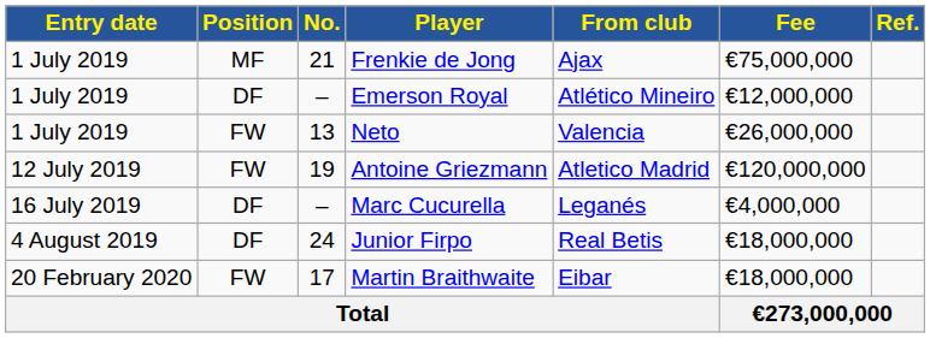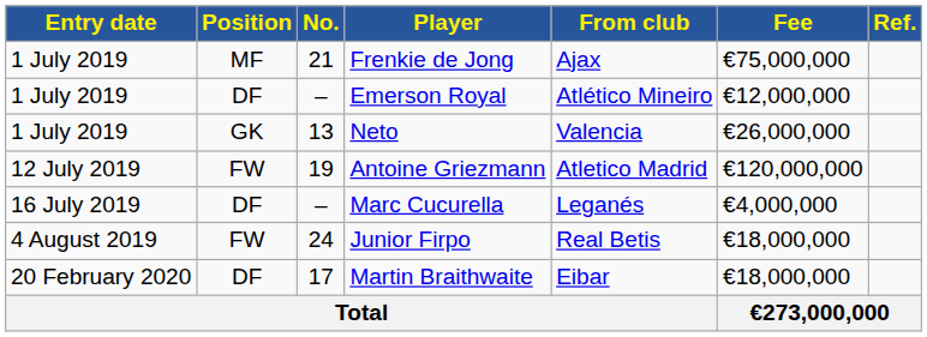 <table class="wikitable sortable">
 <tr>
 <th style="background:#26559B; color:#FFF000; ">Entry date</th>
 <th style="background:#26559B; color:#FFF000; ">Position</th>
 <th style="background:#26559B; color:#FFF000; ">No.</th>
 <th style="background:#26559B; color:#FFF000; ">Player</th>
 <th style="background:#26559B; color:#FFF000; ">From club</th>
 <th style="background:#26559B; color:#FFF000; ">Fee</th>
 <th style="background:#26559B; color:#FFF000; ">Ref.</th>
 </tr>
 <tr>
 <td>1 July 2019</td>
 <td style="text-align:center;">MF</td>
 <td style="text-align:center;">21</td>
 <td style="text-align:left;"> <a href='#'>Frenkie de Jong</a></td>
 <td style="text-align:left;"> <a href='#'>Ajax</a></td>
 <td>€75,000,000</td>
 <td></td>
 </tr>
 <tr>
 <td>1 July 2019</td>
 <td style="text-align:center;">DF</td>
 <td style="text-align:center;">–</td>
 <td style="text-align:left;"> <a href='#'>Emerson Royal</a></td>
 <td style="text-align:left;"> <a href='#'>Atlético Mineiro</a></td>
 <td>€12,000,000</td>
 <td></td>
 </tr>
 <tr>
 <td>1 July 2019</td>
-<td style="text-align:center;">FW</td>
+<td style="text-align:center;">GK</td>
 <td style="text-align:center;">13</td>
 <td style="text-align:left;"> <a href='#'>Neto</a></td>
 <td style="text-align:left;"> <a href='#'>Valencia</a></td>
 <td>€26,000,000</td>
 <td></td>
 </tr>
 <tr>
 <td>12 July 2019</td>
 <td style="text-align:center;">FW</td>
 <td style="text-align:center;">19</td>
 <td style="text-align:left;"> <a href='#'>Antoine Griezmann</a></td>
 <td style="text-align:left;"> <a href='#'>Atletico Madrid</a></td>
 <td>€120,000,000</td>
 <td></td>
 </tr>
 <tr>
 <td>16 July 2019</td>
 <td style="text-align:center;">DF</td>
 <td style="text-align:center;">–</td>
 <td style="text-align:left;"> <a href='#'>Marc Cucurella</a></td>
 <td style="text-align:left;"> <a href='#'>Leganés</a></td>
 <td>€4,000,000</td>
 <td></td>
 </tr>
 <tr>
 <td>4 August 2019</td>
-<td style="text-align:center;">DF</td>
+<td style="text-align:center;">FW</td>
 <td style="text-align:center;">24</td>
 <td style="text-align:left;"> <a href='#'>Junior Firpo</a></td>
 <td style="text-align:left;"> <a href='#'>Real Betis</a></td>
 <td>€18,000,000</td>
 <td></td>
 </tr>
 <tr>
 <td>20 February 2020</td>
-<td style="text-align:center;">FW</td>
+<td style="text-align:center;">DF</td>
 <td style="text-align:center;">17</td>
 <td style="text-align:left;"> <a href='#'>Martin Braithwaite</a></td>
 <td style="text-align:left;"> <a href='#'>Eibar</a></td>
 <td>€18,000,000</td>
 <td></td>
 </tr>
 <tr>
 <th colspan="5">Total</th>
 <th colspan="2">€273,000,000</th>
 </tr>
 </table>
